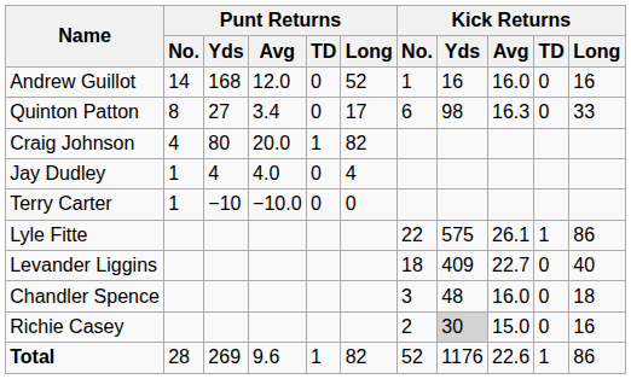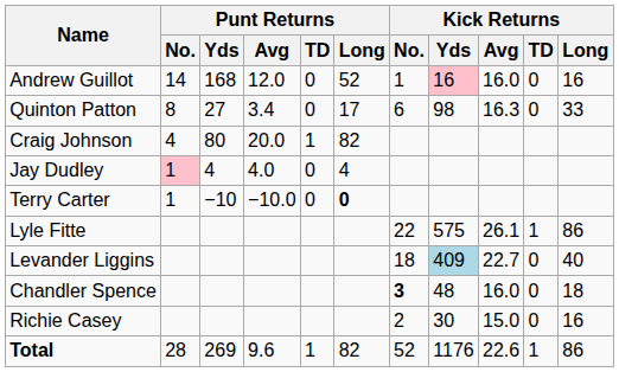 <table class="wikitable" style="white-space:nowrap;">
 <tr>
 <th rowspan="2">Name</th>
 <th colspan="5">Punt Returns</th>
 <th colspan="5">Kick Returns</th>
 </tr>
 <tr>
 <th>No.</th>
 <th>Yds</th>
 <th>Avg</th>
 <th>TD</th>
 <th>Long</th>
 <th>No.</th>
 <th>Yds</th>
 <th>Avg</th>
 <th>TD</th>
 <th>Long</th>
 </tr>
 <tr>
 <td>Andrew Guillot</td>
 <td>14</td>
 <td>168</td>
 <td>12.0</td>
 <td>0</td>
 <td>52</td>
 <td>1</td>
-<td>16</td>
+<td style="background: pink;">16</td>
 <td>16.0</td>
 <td>0</td>
 <td>16</td>
 </tr>
 <tr>
 <td>Quinton Patton</td>
 <td>8</td>
 <td>27</td>
 <td>3.4</td>
 <td>0</td>
 <td>17</td>
 <td>6</td>
 <td>98</td>
 <td>16.3</td>
 <td>0</td>
 <td>33</td>
 </tr>
 <tr>
 <td>Craig Johnson</td>
 <td>4</td>
 <td>80</td>
 <td>20.0</td>
 <td>1</td>
 <td>82</td>
 <td></td>
 <td></td>
 <td></td>
 <td></td>
 <td></td>
 </tr>
 <tr>
 <td>Jay Dudley</td>
-<td>1</td>
+<td style="background: pink;">1</td>
 <td>4</td>
 <td>4.0</td>
 <td>0</td>
 <td>4</td>
 <td></td>
 <td></td>
 <td></td>
 <td></td>
 <td></td>
 </tr>
 <tr>
 <td>Terry Carter</td>
 <td>1</td>
 <td>−10</td>
 <td>−10.0</td>
 <td>0</td>
-<td>0</td>
+<td><strong>0</strong></td>
 <td></td>
 <td></td>
 <td></td>
 <td></td>
 <td></td>
 </tr>
 <tr>
 <td>Lyle Fitte</td>
 <td></td>
 <td></td>
 <td></td>
 <td></td>
 <td></td>
 <td>22</td>
 <td>575</td>
 <td>26.1</td>
 <td>1</td>
 <td>86</td>
 </tr>
 <tr>
 <td>Levander Liggins</td>
 <td></td>
 <td></td>
 <td></td>
 <td></td>
 <td></td>
 <td>18</td>
-<td>409</td>
+<td style="background: lightblue;">409</td>
 <td>22.7</td>
 <td>0</td>
 <td>40</td>
 </tr>
 <tr>
 <td>Chandler Spence</td>
 <td></td>
 <td></td>
 <td></td>
 <td></td>
 <td></td>
-<td>3</td>
+<td><strong>3</strong></td>
 <td>48</td>
 <td>16.0</td>
 <td>0</td>
 <td>18</td>
 </tr>
 <tr>
 <td>Richie Casey</td>
 <td></td>
 <td></td>
 <td></td>
 <td></td>
 <td></td>
 <td>2</td>
-<td style="background: lightgrey;">30</td>
+<td>30</td>
 <td>15.0</td>
 <td>0</td>
 <td>16</td>
 </tr>
 <tr>
 <td><strong>Total</strong></td>
 <td>28</td>
 <td>269</td>
 <td>9.6</td>
 <td>1</td>
 <td>82</td>
 <td>52</td>
 <td>1176</td>
 <td>22.6</td>
 <td>1</td>
 <td>86</td>
 </tr>
 </table>
